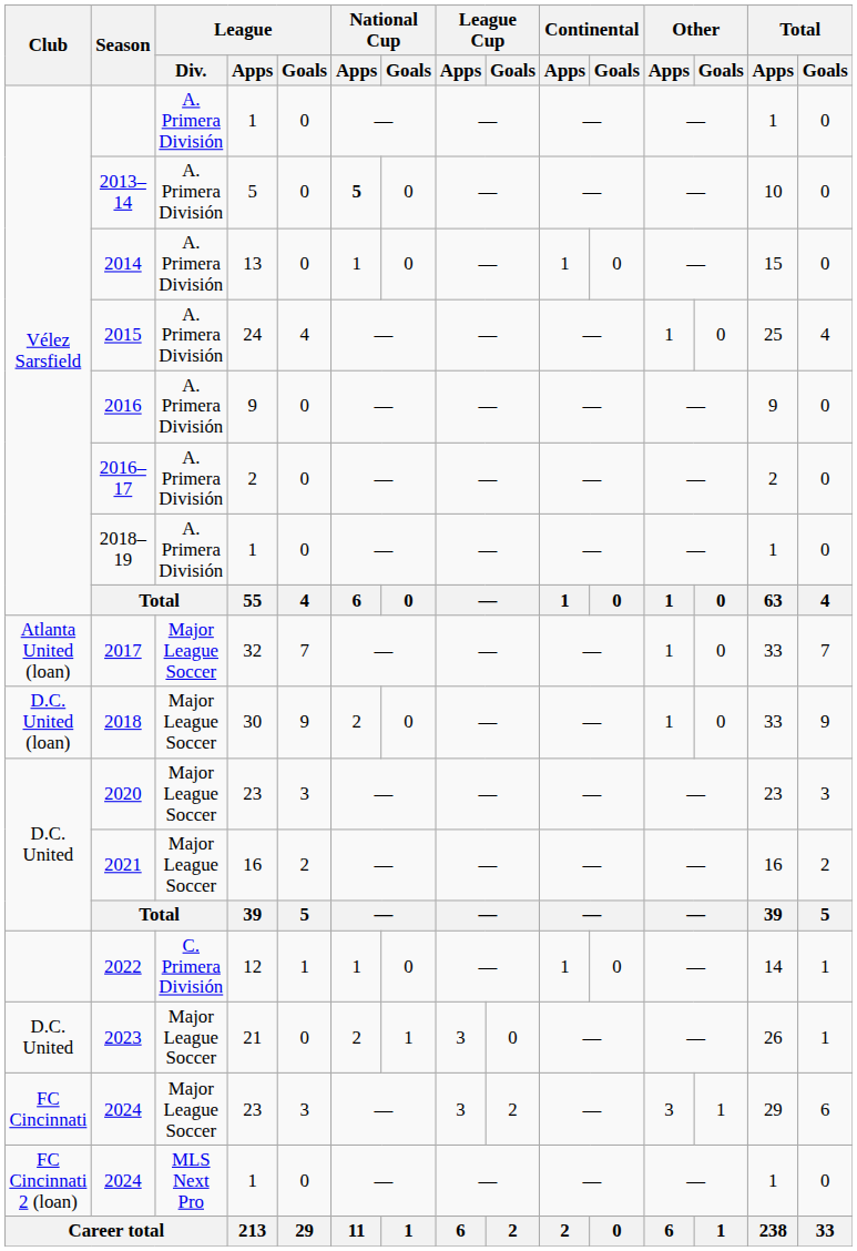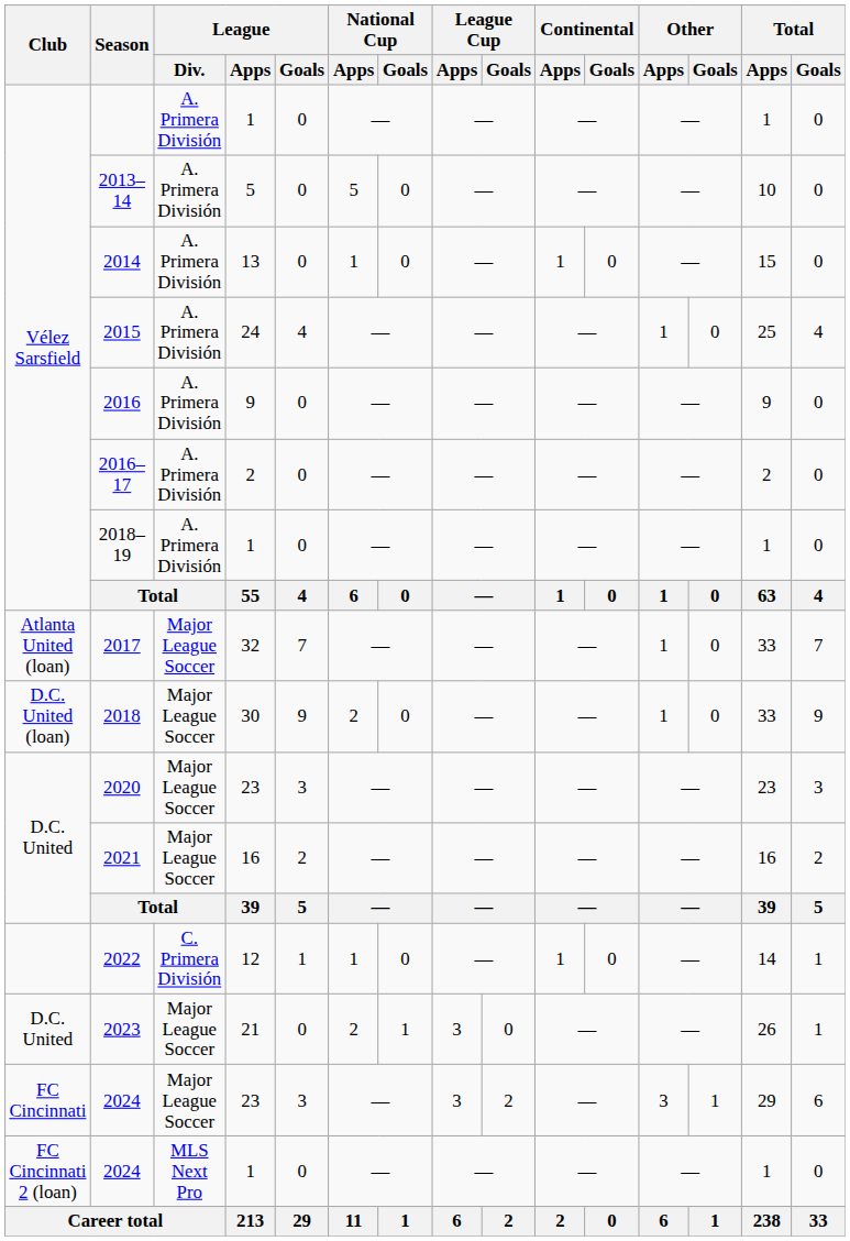 <table class="wikitable" style="text-align:center">
 <tr>
 <th rowspan="2">Club</th>
 <th rowspan="2">Season</th>
 <th colspan="3">League</th>
 <th colspan="2">National Cup</th>
 <th colspan="2">League Cup</th>
 <th colspan="2">Continental</th>
 <th colspan="2">Other</th>
 <th colspan="2">Total</th>
 </tr>
 <tr>
 <th>Div.</th>
 <th>Apps</th>
 <th>Goals</th>
 <th>Apps</th>
 <th>Goals</th>
 <th>Apps</th>
 <th>Goals</th>
 <th>Apps</th>
 <th>Goals</th>
 <th>Apps</th>
 <th>Goals</th>
 <th>Apps</th>
 <th>Goals</th>
 </tr>
 <tr>
 <td rowspan="8"><a href='#'>Vélez Sarsfield</a></td>
 <td></td>
 <td><a href='#'>A. Primera División</a></td>
 <td>1</td>
 <td>0</td>
 <td colspan="2">—</td>
 <td colspan="2">—</td>
 <td colspan="2">—</td>
 <td colspan="2">—</td>
 <td>1</td>
 <td>0</td>
 </tr>
 <tr>
 <td><a href='#'>2013–14</a></td>
 <td>A. Primera División</td>
 <td>5</td>
 <td>0</td>
-<td><strong>5</strong></td>
+<td>5</td>
 <td>0</td>
 <td colspan="2">—</td>
 <td colspan="2">—</td>
 <td colspan="2">—</td>
 <td>10</td>
 <td>0</td>
 </tr>
 <tr>
 <td><a href='#'>2014</a></td>
 <td>A. Primera División</td>
 <td>13</td>
 <td>0</td>
 <td>1</td>
 <td>0</td>
 <td colspan="2">—</td>
 <td>1</td>
 <td>0</td>
 <td colspan="2">—</td>
 <td>15</td>
 <td>0</td>
 </tr>
 <tr>
 <td><a href='#'>2015</a></td>
 <td>A. Primera División</td>
 <td>24</td>
 <td>4</td>
 <td colspan="2">—</td>
 <td colspan="2">—</td>
 <td colspan="2">—</td>
 <td>1</td>
 <td>0</td>
 <td>25</td>
 <td>4</td>
 </tr>
 <tr>
 <td><a href='#'>2016</a></td>
 <td>A. Primera División</td>
 <td>9</td>
 <td>0</td>
 <td colspan="2">—</td>
 <td colspan="2">—</td>
 <td colspan="2">—</td>
 <td colspan="2">—</td>
 <td>9</td>
 <td>0</td>
 </tr>
 <tr>
 <td><a href='#'>2016–17</a></td>
 <td>A. Primera División</td>
 <td>2</td>
 <td>0</td>
 <td colspan="2">—</td>
 <td colspan="2">—</td>
 <td colspan="2">—</td>
 <td colspan="2">—</td>
 <td>2</td>
 <td>0</td>
 </tr>
 <tr>
 <td>2018–19</td>
 <td>A. Primera División</td>
 <td>1</td>
 <td>0</td>
 <td colspan="2">—</td>
 <td colspan="2">—</td>
 <td colspan="2">—</td>
 <td colspan="2">—</td>
 <td>1</td>
 <td>0</td>
 </tr>
 <tr>
 <th colspan="2">Total</th>
 <th>55</th>
 <th>4</th>
 <th>6</th>
 <th>0</th>
 <th colspan="2">—</th>
 <th>1</th>
 <th>0</th>
 <th>1</th>
 <th>0</th>
 <th>63</th>
 <th>4</th>
 </tr>
 <tr>
 <td><a href='#'>Atlanta United</a> (loan)</td>
 <td><a href='#'>2017</a></td>
 <td><a href='#'>Major League Soccer</a></td>
 <td>32</td>
 <td>7</td>
 <td colspan="2">—</td>
 <td colspan="2">—</td>
 <td colspan="2">—</td>
 <td>1</td>
 <td>0</td>
 <td>33</td>
 <td>7</td>
 </tr>
 <tr>
 <td><a href='#'>D.C. United</a> (loan)</td>
 <td><a href='#'>2018</a></td>
 <td>Major League Soccer</td>
 <td>30</td>
 <td>9</td>
 <td>2</td>
 <td>0</td>
 <td colspan="2">—</td>
 <td colspan="2">—</td>
 <td>1</td>
 <td>0</td>
 <td>33</td>
 <td>9</td>
 </tr>
 <tr>
 <td rowspan="3">D.C. United</td>
 <td><a href='#'>2020</a></td>
 <td>Major League Soccer</td>
 <td>23</td>
 <td>3</td>
 <td colspan="2">—</td>
 <td colspan="2">—</td>
 <td colspan="2">—</td>
 <td colspan="2">—</td>
 <td>23</td>
 <td>3</td>
 </tr>
 <tr>
 <td><a href='#'>2021</a></td>
 <td>Major League Soccer</td>
 <td>16</td>
 <td>2</td>
 <td colspan="2">—</td>
 <td colspan="2">—</td>
 <td colspan="2">—</td>
 <td colspan="2">—</td>
 <td>16</td>
 <td>2</td>
 </tr>
 <tr>
 <th colspan="2">Total</th>
 <th>39</th>
 <th>5</th>
 <th colspan="2">—</th>
 <th colspan="2">—</th>
 <th colspan="2">—</th>
 <th colspan="2">—</th>
 <th>39</th>
 <th>5</th>
 </tr>
 <tr>
 <td></td>
 <td><a href='#'>2022</a></td>
 <td rowspan="1"><a href='#'>C. Primera División</a></td>
 <td>12</td>
 <td>1</td>
 <td>1</td>
 <td>0</td>
 <td colspan="2">—</td>
 <td>1</td>
 <td>0</td>
 <td colspan="2">—</td>
 <td>14</td>
 <td>1</td>
 </tr>
 <tr>
 <td>D.C. United</td>
 <td><a href='#'>2023</a></td>
 <td>Major League Soccer</td>
 <td>21</td>
 <td>0</td>
 <td>2</td>
 <td>1</td>
 <td>3</td>
 <td>0</td>
 <td colspan="2">—</td>
 <td colspan="2">—</td>
 <td>26</td>
 <td>1</td>
 </tr>
 <tr>
 <td><a href='#'>FC Cincinnati</a></td>
 <td><a href='#'>2024</a></td>
 <td>Major League Soccer</td>
 <td>23</td>
 <td>3</td>
 <td colspan="2">—</td>
 <td>3</td>
 <td>2</td>
 <td colspan="2">—</td>
 <td>3</td>
 <td>1</td>
 <td>29</td>
 <td>6</td>
 </tr>
 <tr>
 <td><a href='#'>FC Cincinnati 2</a> (loan)</td>
 <td><a href='#'>2024</a></td>
 <td><a href='#'>MLS Next Pro</a></td>
 <td>1</td>
 <td>0</td>
 <td colspan="2">—</td>
 <td colspan="2">—</td>
 <td colspan="2">—</td>
 <td colspan="2">—</td>
 <td>1</td>
 <td>0</td>
 </tr>
 <tr>
 <th colspan="3">Career total</th>
 <th>213</th>
 <th>29</th>
 <th>11</th>
 <th>1</th>
 <th>6</th>
 <th>2</th>
 <th>2</th>
 <th>0</th>
 <th>6</th>
 <th>1</th>
 <th>238</th>
 <th>33</th>
 </tr>
 </table>
